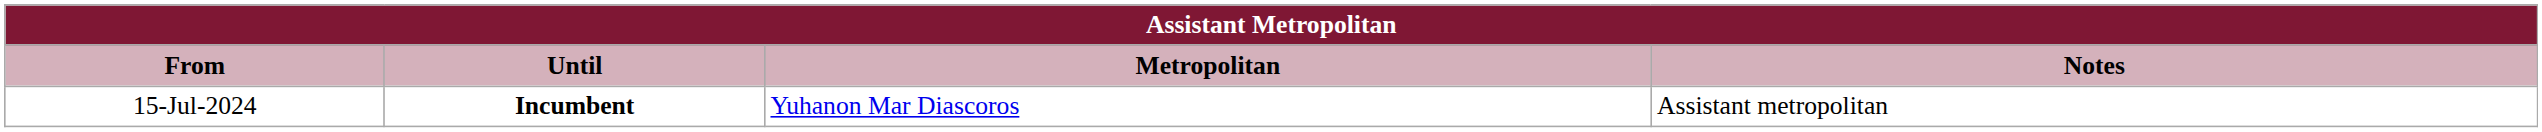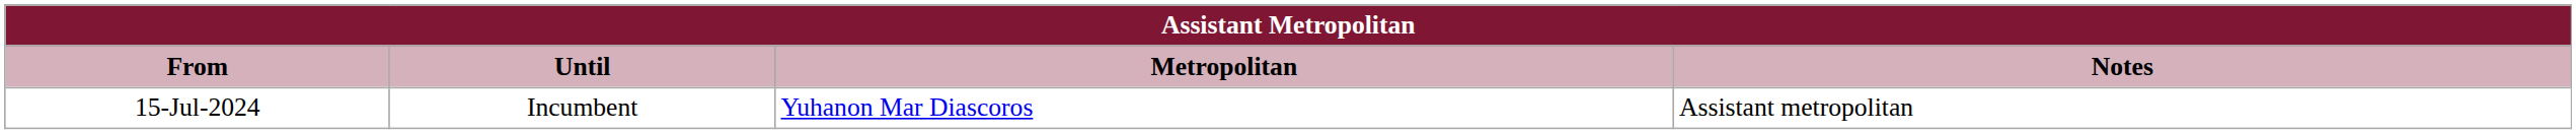 <table class="wikitable" style="width: 100%;">
 <tr>
 <th colspan="4" style="background-color: #7F1734; color: white;">Assistant Metropolitan</th>
 </tr>
 <tr>
 <th style="background-color: #D4B1BB; width: 15%;">From</th>
 <th style="background-color: #D4B1BB; width: 15%;">Until</th>
 <th style="background-color: #D4B1BB; width: 35%;">Metropolitan</th>
 <th style="background-color: #D4B1BB; width: 35%;">Notes</th>
 </tr>
 <tr valign="top" style="background-color: white;">
 <td style="text-align: center;">15-Jul-2024</td>
-<td style="text-align: center;"><strong>Incumbent</strong></td>
+<td style="text-align: center;">Incumbent</td>
 <td><a href='#'>Yuhanon Mar Diascoros</a></td>
 <td>Assistant metropolitan</td>
 </tr>
 </table>
